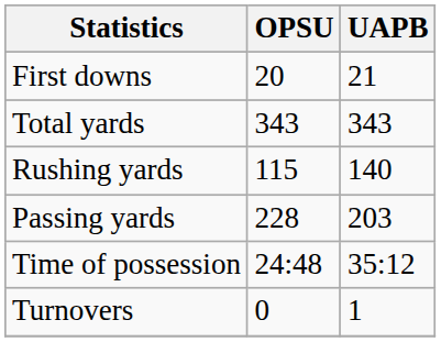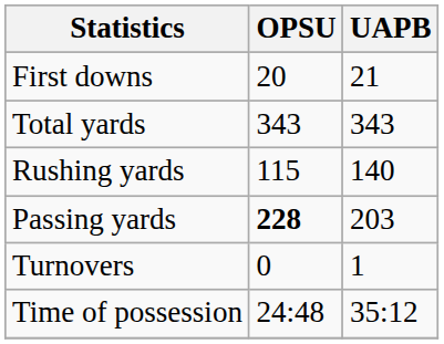 <table class="wikitable">
 <tr>
 <th>Statistics</th>
 <th>OPSU</th>
 <th>UAPB</th>
 </tr>
 <tr>
 <td>First downs</td>
 <td>20</td>
 <td>21</td>
 </tr>
 <tr>
 <td>Total yards</td>
 <td>343</td>
 <td>343</td>
 </tr>
 <tr>
 <td>Rushing yards</td>
 <td>115</td>
 <td>140</td>
 </tr>
 <tr>
 <td>Passing yards</td>
-<td>228</td>
+<td><strong>228</strong></td>
 <td>203</td>
+</tr>
+<tr>
+<td>Turnovers</td>
+<td>0</td>
+<td>1</td>
 </tr>
 <tr>
 <td>Time of possession</td>
 <td>24:48</td>
 <td>35:12</td>
 </tr>
 <tr>
-<td>Turnovers</td>
-<td>0</td>
-<td>1</td>
-</tr>
-<tr>
 </tr>
 </table>
